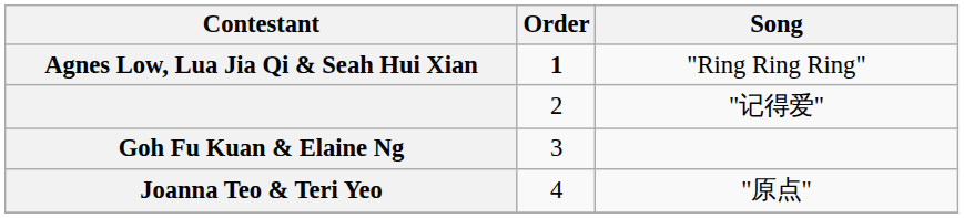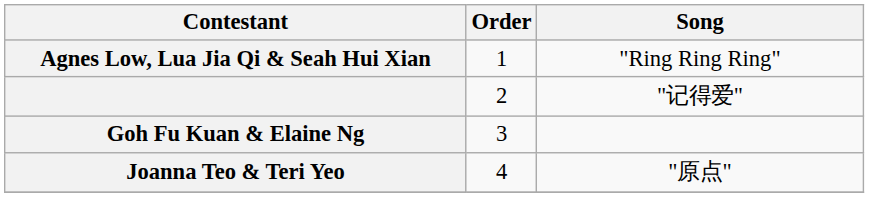 <table class="wikitable plainrowheaders" style="text-align:center;">
 <tr>
 <th scope="col" style="width:20em;">Contestant</th>
 <th scope="col">Order</th>
 <th scope="col" style="width:14em;">Song</th>
 </tr>
 <tr>
 <th scope="row">Agnes Low, Lua Jia Qi & Seah Hui Xian</th>
-<td><strong>1</strong></td>
+<td>1</td>
 <td>"Ring Ring Ring"</td>
 </tr>
 <tr>
 <th scope="row"></th>
 <td>2</td>
 <td>"记得爱"</td>
 </tr>
 <tr>
 <th scope="row">Goh Fu Kuan & Elaine Ng</th>
 <td>3</td>
 <td></td>
 </tr>
 <tr>
 <th scope="row">Joanna Teo & Teri Yeo</th>
 <td>4</td>
 <td>"原点"</td>
 </tr>
 <tr>
 </tr>
 </table>
